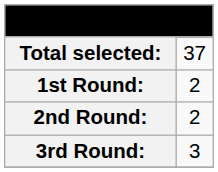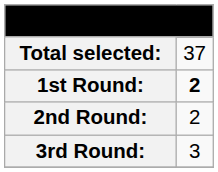 <table class="wikitable" style="text-align: left;">
 <tr>
 <th colspan="2" style="background:black" align=center><span>NFL Draft selections</span></th>
 </tr>
 <tr>
 <th>Total selected:</th>
 <td align=center>37</td>
 </tr>
 <tr>
 <th>1st Round:</th>
-<td align=center>2</td>
+<td align=center><strong>2</strong></td>
 </tr>
 <tr>
 <th>2nd Round:</th>
 <td align=center>2</td>
 </tr>
 <tr>
 <th>3rd Round:</th>
 <td align=center>3</td>
 </tr>
 <tr>
 </tr>
 </table>
